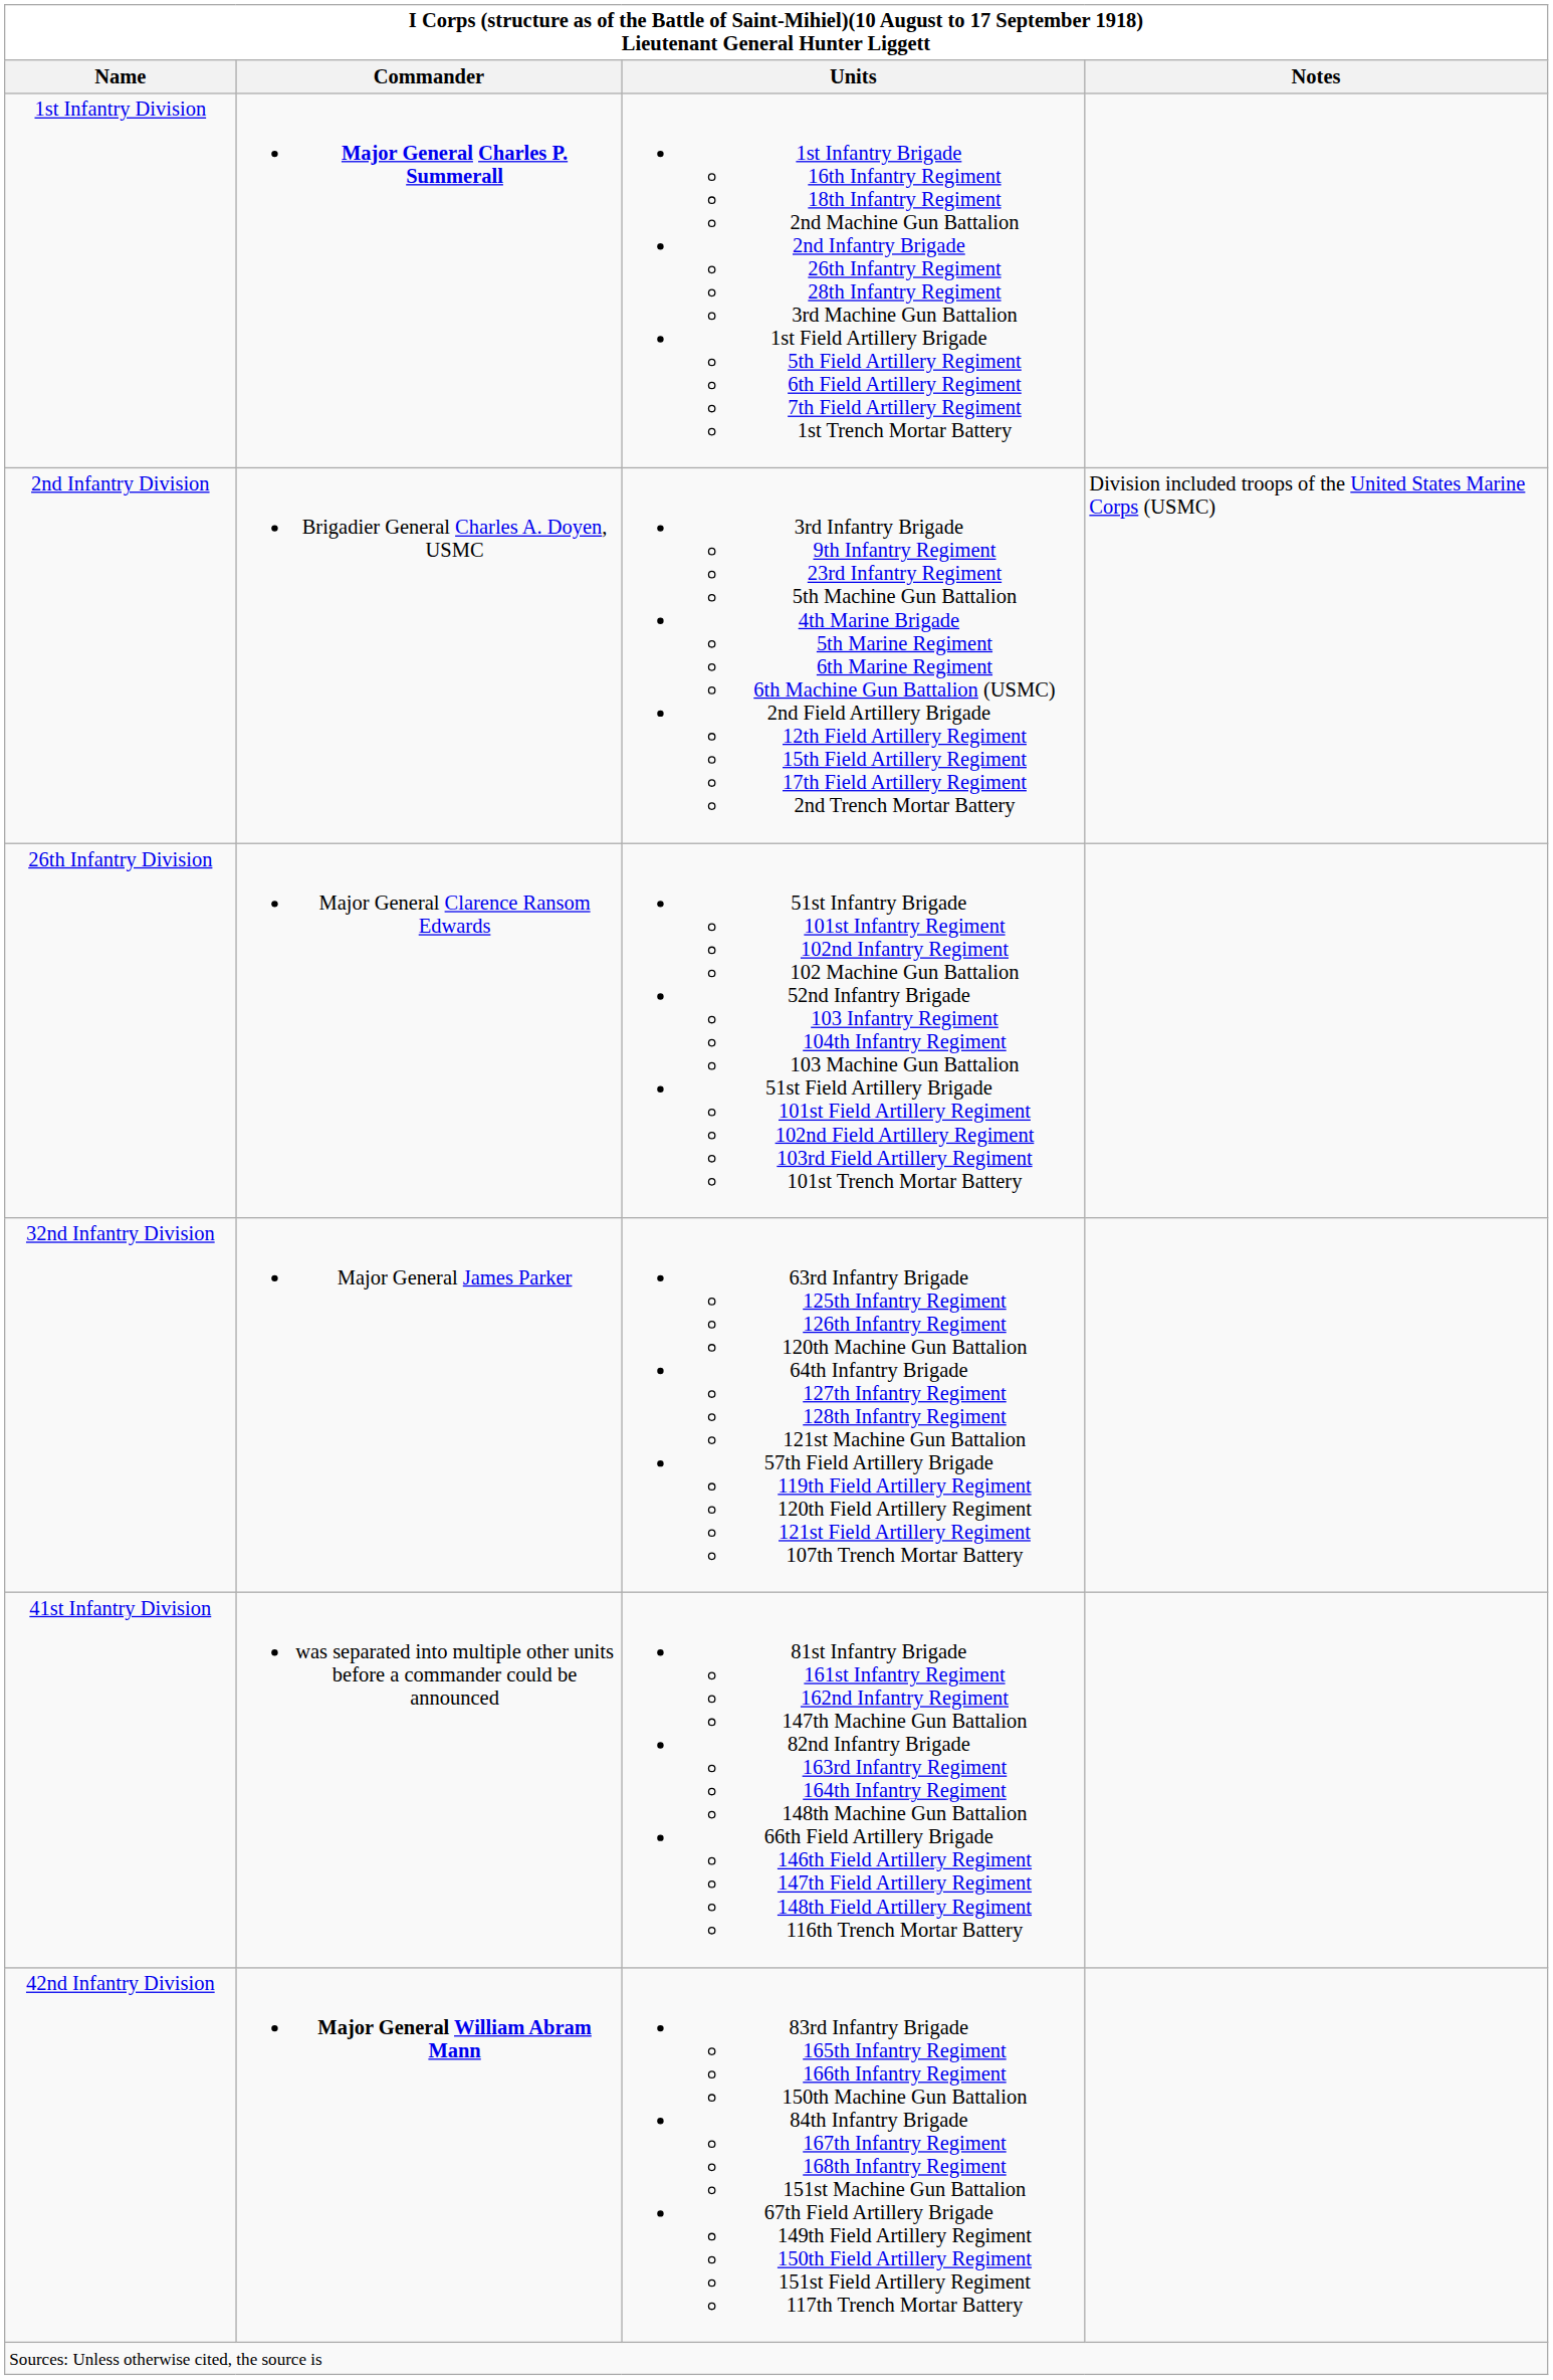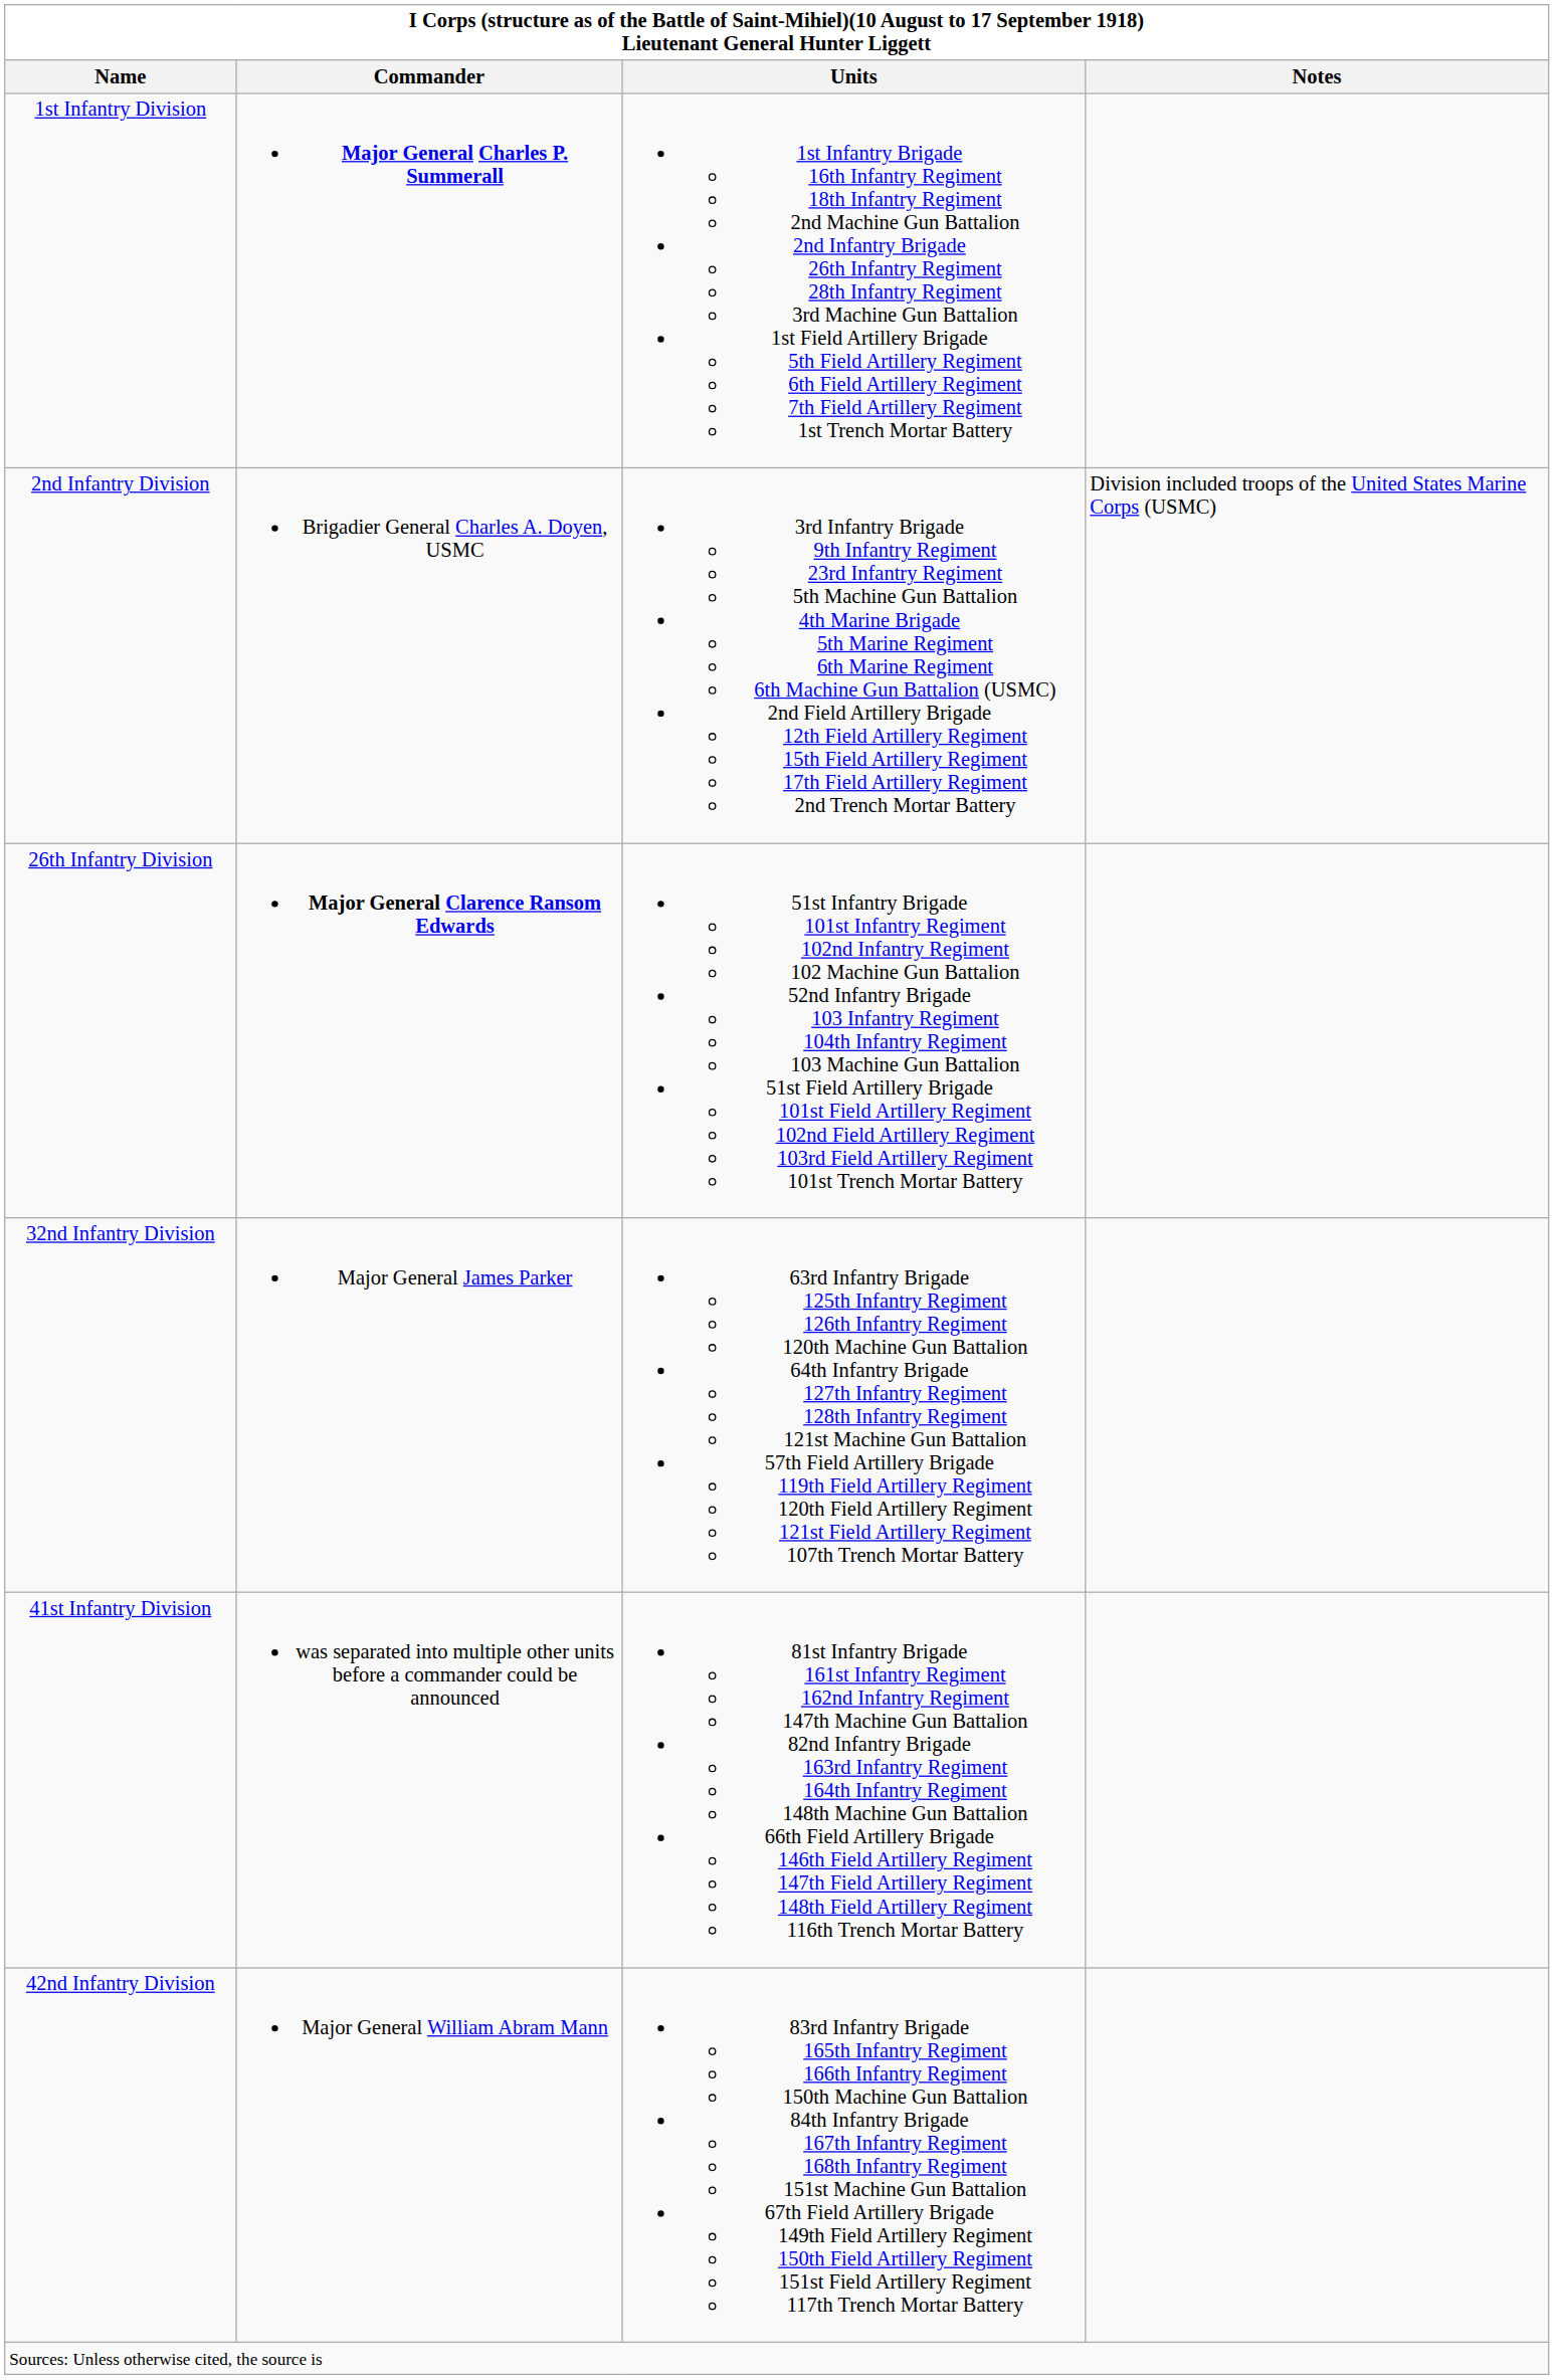 <table class="wikitable" style="width:95%;">
 <tr valign="top">
 <th colspan="11" style="background:white;">I Corps (structure as of the Battle of Saint-Mihiel)(10 August to 17 September 1918)<br>Lieutenant General Hunter Liggett</th>
 </tr>
 <tr valign="top"|- valign="top">
 <th style="width:15%; text-align:center;">Name</th>
 <th style="width:25%; text-align:center;">Commander</th>
 <th style="width:30%; text-align:center;">Units</th>
 <th style="width:35%; text-align:center;">Notes</th>
 </tr>
 <tr valign="top">
 <td style="text-align:center;"><a href='#'>1st Infantry Division</a></td>
 <td style="text-align:center;"><strong><br><ul><li><a href='#'>Major General</a> <a href='#'>Charles P. Summerall</a></li></ul></strong></td>
 <td style="text-align:center;"><br><ul><li><a href='#'>1st Infantry Brigade</a><ul><li><a href='#'>16th Infantry Regiment</a></li><li><a href='#'>18th Infantry Regiment</a></li><li>2nd Machine Gun Battalion</li></ul></li><li><a href='#'>2nd Infantry Brigade</a><ul><li><a href='#'>26th Infantry Regiment</a></li><li><a href='#'>28th Infantry Regiment</a></li><li>3rd Machine Gun Battalion</li></ul></li><li>1st Field Artillery Brigade<ul><li><a href='#'>5th Field Artillery Regiment</a></li><li><a href='#'>6th Field Artillery Regiment</a></li><li><a href='#'>7th Field Artillery Regiment</a></li><li>1st Trench Mortar Battery</li></ul></li></ul></td>
 <td align=center></td>
 </tr>
 <tr valign="top">
 <td style="text-align:center;"><a href='#'>2nd Infantry Division</a></td>
 <td style="text-align:center;"><br><ul><li>Brigadier General <a href='#'>Charles A. Doyen</a>, USMC</li></ul></td>
 <td style="text-align:center;"><br><ul><li>3rd Infantry Brigade<ul><li><a href='#'>9th Infantry Regiment</a></li><li><a href='#'>23rd Infantry Regiment</a></li><li>5th Machine Gun Battalion</li></ul></li><li><a href='#'>4th Marine Brigade</a><ul><li><a href='#'>5th Marine Regiment</a></li><li><a href='#'>6th Marine Regiment</a></li><li><a href='#'>6th Machine Gun Battalion</a> (USMC)</li></ul></li><li>2nd Field Artillery Brigade<ul><li><a href='#'>12th Field Artillery Regiment</a></li><li><a href='#'>15th Field Artillery Regiment</a></li><li><a href='#'>17th Field Artillery Regiment</a></li><li>2nd Trench Mortar Battery</li></ul></li></ul></td>
 <td>Division included troops of the <a href='#'>United States Marine Corps</a> (USMC)</td>
 </tr>
 <tr valign="top">
 <td style="text-align:center;"><a href='#'>26th Infantry Division</a></td>
-<td style="text-align:center;"><br><ul><li>Major General <a href='#'>Clarence Ransom Edwards</a></li></ul></td>
+<td style="text-align:center;"><strong><br><ul><li>Major General <a href='#'>Clarence Ransom Edwards</a></li></ul></strong></td>
 <td style="text-align:center;"><br><ul><li>51st Infantry Brigade<ul><li><a href='#'>101st Infantry Regiment</a></li><li><a href='#'>102nd Infantry Regiment</a></li><li>102 Machine Gun Battalion</li></ul></li><li>52nd Infantry Brigade<ul><li><a href='#'>103 Infantry Regiment</a></li><li><a href='#'>104th Infantry Regiment</a></li><li>103 Machine Gun Battalion</li></ul></li><li>51st Field Artillery Brigade<ul><li><a href='#'>101st Field Artillery Regiment</a></li><li><a href='#'>102nd Field Artillery Regiment</a></li><li><a href='#'>103rd Field Artillery Regiment</a></li><li>101st Trench Mortar Battery</li></ul></li></ul></td>
 <td></td>
 </tr>
 <tr valign="top">
 <td style="text-align:center;"><a href='#'>32nd Infantry Division</a></td>
 <td style="text-align:center;"><br><ul><li>Major General <a href='#'>James Parker</a></li></ul></td>
 <td style="text-align:center;"><br><ul><li>63rd Infantry Brigade<ul><li><a href='#'>125th Infantry Regiment</a></li><li><a href='#'>126th Infantry Regiment</a></li><li>120th Machine Gun Battalion</li></ul></li><li>64th Infantry Brigade<ul><li><a href='#'>127th Infantry Regiment</a></li><li><a href='#'>128th Infantry Regiment</a></li><li>121st Machine Gun Battalion</li></ul></li><li>57th Field Artillery Brigade<ul><li><a href='#'>119th Field Artillery Regiment</a></li><li>120th Field Artillery Regiment</li><li><a href='#'>121st Field Artillery Regiment</a></li><li>107th Trench Mortar Battery</li></ul></li></ul></td>
 <td></td>
 </tr>
 <tr valign="top">
 <td style="text-align:center;"><a href='#'>41st Infantry Division</a></td>
 <td style="text-align:center;"><br><ul><li>was separated into multiple other units before a commander could be announced</li></ul></td>
 <td style="text-align:center;"><br><ul><li>81st Infantry Brigade<ul><li><a href='#'>161st Infantry Regiment</a></li><li><a href='#'>162nd Infantry Regiment</a></li><li>147th Machine Gun Battalion</li></ul></li><li>82nd Infantry Brigade<ul><li><a href='#'>163rd Infantry Regiment</a></li><li><a href='#'>164th Infantry Regiment</a></li><li>148th Machine Gun Battalion</li></ul></li><li>66th Field Artillery Brigade<ul><li><a href='#'>146th Field Artillery Regiment</a></li><li><a href='#'>147th Field Artillery Regiment</a></li><li><a href='#'>148th Field Artillery Regiment</a></li><li>116th Trench Mortar Battery</li></ul></li></ul></td>
 <td></td>
 </tr>
 <tr valign="top">
 <td style="text-align:center;"><a href='#'>42nd Infantry Division</a></td>
-<td style="text-align:center;"><strong><br><ul><li>Major General <a href='#'>William Abram Mann</a></li></ul></strong></td>
+<td style="text-align:center;"><br><ul><li>Major General <a href='#'>William Abram Mann</a></li></ul></td>
 <td style="text-align:center;"><br><ul><li>83rd Infantry Brigade<ul><li><a href='#'>165th Infantry Regiment</a></li><li><a href='#'>166th Infantry Regiment</a></li><li>150th Machine Gun Battalion</li></ul></li><li>84th Infantry Brigade<ul><li><a href='#'>167th Infantry Regiment</a></li><li><a href='#'>168th Infantry Regiment</a></li><li>151st Machine Gun Battalion</li></ul></li><li>67th Field Artillery Brigade<ul><li>149th Field Artillery Regiment</li><li><a href='#'>150th Field Artillery Regiment</a></li><li>151st Field Artillery Regiment</li><li>117th Trench Mortar Battery</li></ul></li></ul></td>
 <td></td>
 </tr>
 <tr valign="top">
 <td colspan="9" style="text-align:left;"><small>Sources: Unless otherwise cited, the source is </small></td>
 </tr>
 </table>
